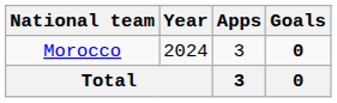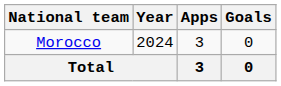 <table class="wikitable" style="text-align:center">
 <tr>
 <th>National team</th>
 <th>Year</th>
 <th>Apps</th>
 <th>Goals</th>
 </tr>
 <tr>
 <td rowspan="1"><a href='#'>Morocco</a></td>
 <td>2024</td>
 <td>3</td>
-<td><strong>0</strong></td>
+<td>0</td>
 </tr>
 <tr>
 <th colspan="2">Total</th>
 <th>3</th>
 <th>0</th>
 </tr>
 </table>
